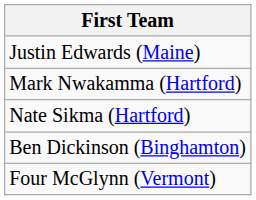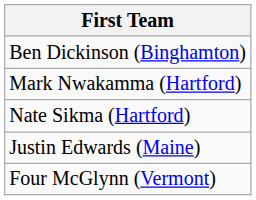 <table class="wikitable">
 <tr>
 <th>First Team</th>
 </tr>
 <tr>
-<td>Justin Edwards (<a href='#'>Maine</a>)</td>
+<td>Ben Dickinson (<a href='#'>Binghamton</a>)</td>
 </tr>
 <tr>
 <td>Mark Nwakamma (<a href='#'>Hartford</a>)</td>
 </tr>
 <tr>
 <td>Nate Sikma (<a href='#'>Hartford</a>)</td>
 </tr>
 <tr>
-<td>Ben Dickinson (<a href='#'>Binghamton</a>)</td>
+<td>Justin Edwards (<a href='#'>Maine</a>)</td>
 </tr>
 <tr>
 <td>Four McGlynn (<a href='#'>Vermont</a>)</td>
 </tr>
 </table>
